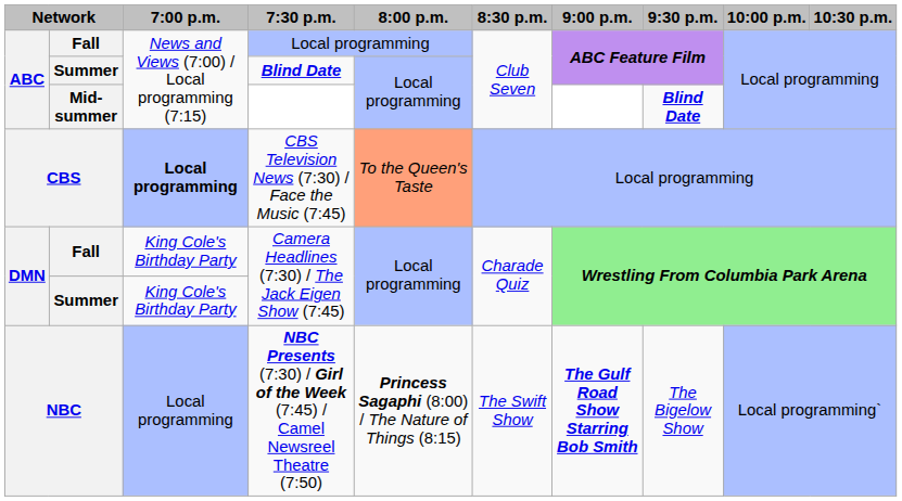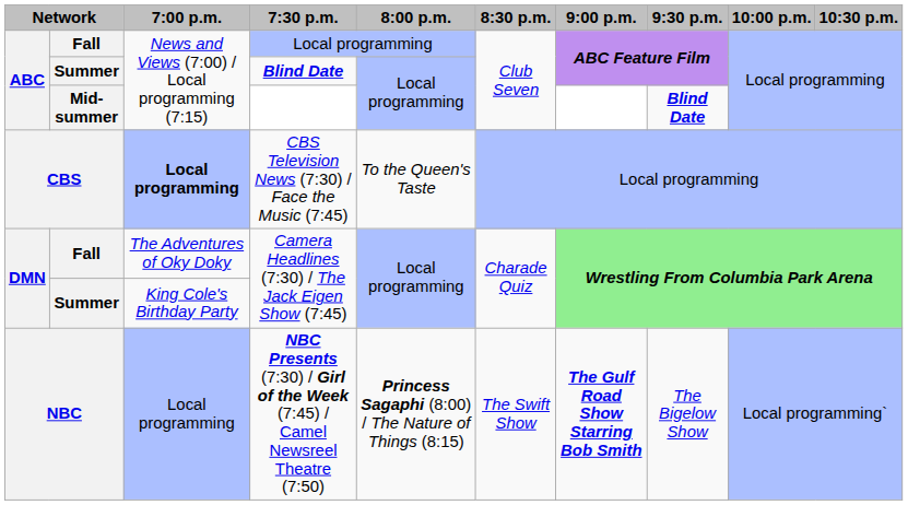 <table class="wikitable" style="width:100%;margin-right:0;text-align:center">
 <tr>
 <th colspan="2" style="background-color:#C0C0C0">Network</th>
 <th style="background-color:#C0C0C0;text-align:center">7:00 p.m.</th>
 <th style="background-color:#C0C0C0;text-align:center">7:30 p.m.</th>
 <th style="background-color:#C0C0C0;text-align:center">8:00 p.m.</th>
 <th style="background-color:#C0C0C0;text-align:center">8:30 p.m.</th>
 <th style="background-color:#C0C0C0;text-align:center">9:00 p.m.</th>
 <th style="background-color:#C0C0C0;text-align:center">9:30 p.m.</th>
 <th style="background-color:#C0C0C0;text-align:center">10:00 p.m.</th>
 <th style="background-color:#C0C0C0;text-align:center">10:30 p.m.</th>
 </tr>
 <tr>
 <th rowspan="3"><a href='#'>ABC</a></th>
 <th>Fall</th>
 <td rowspan="3"><em><a href='#'>News and Views</a></em> (7:00) / Local programming (7:15)</td>
 <td colspan="2" bgcolor="#abbfff">Local programming</td>
 <td rowspan="3"><em><a href='#'>Club Seven</a></em></td>
 <td colspan="2" rowspan="2" bgcolor="#bf8fef"><strong><em>ABC Feature Film</em></strong></td>
 <td colspan="3" rowspan="3" bgcolor="#abbfff">Local programming</td>
 </tr>
 <tr>
 <th>Summer</th>
 <td><strong><em><a href='#'>Blind Date</a></em></strong></td>
 <td rowspan="2" bgcolor="#abbfff">Local programming</td>
 </tr>
 <tr>
 <th>Mid-summer</th>
 <td bgcolor="white"></td>
 <td bgcolor="white"></td>
 <td><strong><em><a href='#'>Blind Date</a></em></strong></td>
 </tr>
 <tr>
 <th colspan="2"><a href='#'>CBS</a></th>
 <td bgcolor="#abbfff"><strong>Local programming</strong></td>
 <td><em><a href='#'>CBS Television News</a></em> (7:30) / <em>Face the Music</em> (7:45)</td>
-<td style="background: lightsalmon;"><em>To the Queen's Taste</em></td>
+<td><em>To the Queen's Taste</em></td>
 <td colspan="5" bgcolor="#abbfff">Local programming</td>
 </tr>
 <tr>
 <th rowspan="2"><a href='#'>DMN</a></th>
 <th>Fall</th>
-<td><em><a href='#'>King Cole's Birthday Party</a></em></td>
+<td><em><a href='#'>The Adventures of Oky Doky</a></em></td>
 <td rowspan="2"><em><a href='#'>Camera Headlines</a></em> (7:30) / <em><a href='#'>The Jack Eigen Show</a></em> (7:45)</td>
 <td bgcolor="#abbfff" rowspan="2">Local programming</td>
 <td rowspan="2"><em><a href='#'>Charade Quiz</a></em></td>
 <td colspan="4" rowspan="2" bgcolor="lightgreen"><strong><em>Wrestling From Columbia Park Arena</em></strong></td>
 </tr>
 <tr>
 <th>Summer</th>
 <td><em><a href='#'>King Cole's Birthday Party</a></em></td>
 </tr>
 <tr>
 <th colspan="2"><a href='#'>NBC</a></th>
 <td bgcolor="#abbfff">Local programming</td>
 <td><strong><em><a href='#'>NBC Presents</a></em></strong> (7:30) / <strong><em>Girl of the Week</em></strong> (7:45) / <a href='#'>Camel Newsreel Theatre</a> (7:50)</td>
 <td><strong><em>Princess Sagaphi</em></strong> (8:00) / <em>The Nature of Things</em> (8:15)</td>
 <td><em><a href='#'>The Swift Show</a></em></td>
 <td><strong><em><a href='#'>The Gulf Road Show Starring Bob Smith</a></em></strong></td>
 <td><em><a href='#'>The Bigelow Show</a></em></td>
 <td colspan="2" bgcolor="#abbfff">Local programming`</td>
 </tr>
 </table>
